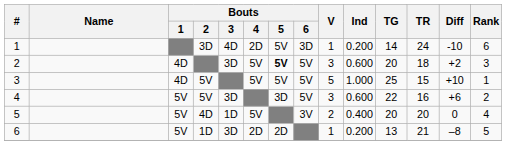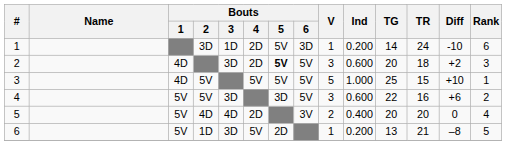 <table class="wikitable" style="text-align:center;">
 <tr>
 <th rowspan=2 width=30>#</th>
 <th rowspan=2 width=200>Name</th>
 <th colspan=6>Bouts</th>
 <th rowspan=2 width=30>V</th>
 <th rowspan=2 width=40>Ind</th>
 <th rowspan=2 width=40>TG</th>
 <th rowspan=2 width=40>TR</th>
 <th rowspan=2 width=40>Diff</th>
 <th rowspan=2 width=30>Rank</th>
 </tr>
 <tr>
 <th width=30>1</th>
 <th width=30>2</th>
 <th width=30>3</th>
 <th width=30>4</th>
 <th width=30>5</th>
 <th width=30>6</th>
 </tr>
 <tr>
 <td>1</td>
 <td align=left></td>
 <td bgcolor=grey></td>
 <td>3D</td>
-<td>4D</td>
+<td>1D</td>
 <td>2D</td>
 <td>5V</td>
 <td>3D</td>
 <td>1</td>
 <td>0.200</td>
 <td>14</td>
 <td>24</td>
 <td>-10</td>
 <td>6</td>
 </tr>
 <tr>
 <td>2</td>
 <td align=left></td>
 <td>4D</td>
 <td bgcolor=grey></td>
 <td>3D</td>
-<td>5V</td>
+<td>2D</td>
 <td><strong>5V</strong></td>
 <td>5V</td>
 <td>3</td>
 <td>0.600</td>
 <td>20</td>
 <td>18</td>
 <td>+2</td>
 <td>3</td>
 </tr>
 <tr>
 <td>3</td>
 <td align=left></td>
 <td>4D</td>
 <td>5V</td>
 <td bgcolor=grey></td>
 <td>5V</td>
 <td>5V</td>
 <td>5V</td>
 <td>5</td>
 <td>1.000</td>
 <td>25</td>
 <td>15</td>
 <td>+10</td>
 <td>1</td>
 </tr>
 <tr>
 <td>4</td>
 <td align=left></td>
 <td>5V</td>
 <td>5V</td>
 <td>3D</td>
 <td bgcolor=grey></td>
 <td>3D</td>
 <td>5V</td>
 <td>3</td>
 <td>0.600</td>
 <td>22</td>
 <td>16</td>
 <td>+6</td>
 <td>2</td>
 </tr>
 <tr>
 <td>5</td>
 <td align=left></td>
 <td>5V</td>
 <td>4D</td>
-<td>1D</td>
-<td>5V</td>
+<td>4D</td>
+<td>2D</td>
 <td bgcolor=grey></td>
 <td>3V</td>
 <td>2</td>
 <td>0.400</td>
 <td>20</td>
 <td>20</td>
 <td>0</td>
 <td>4</td>
 </tr>
 <tr>
 <td>6</td>
 <td align=left></td>
 <td>5V</td>
 <td>1D</td>
 <td>3D</td>
-<td>2D</td>
+<td>5V</td>
 <td>2D</td>
 <td bgcolor=grey></td>
 <td>1</td>
 <td>0.200</td>
 <td>13</td>
 <td>21</td>
 <td>–8</td>
 <td>5</td>
 </tr>
 <tr>
 </tr>
 </table>
